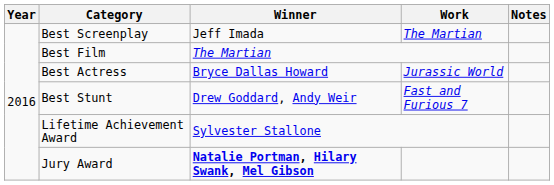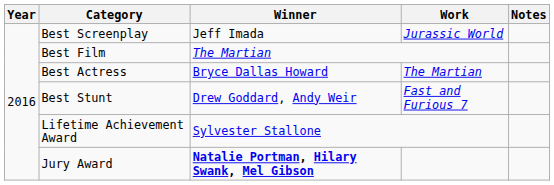 <table class="wikitable" style="width:600px">
 <tr>
 <th>Year</th>
 <th>Category</th>
 <th>Winner</th>
 <th>Work</th>
 <th>Notes</th>
 </tr>
 <tr>
 <td rowspan=6>2016</td>
 <td>Best Screenplay</td>
 <td>Jeff Imada</td>
-<td><em><a href='#'>The Martian</a></em></td>
+<td><em><a href='#'>Jurassic World</a></em></td>
 <td></td>
 </tr>
 <tr>
 <td>Best Film</td>
 <td colspan=2><em><a href='#'>The Martian</a></em></td>
 <td></td>
 </tr>
 <tr>
 <td>Best Actress</td>
 <td><a href='#'>Bryce Dallas Howard</a></td>
-<td><em><a href='#'>Jurassic World</a></em></td>
+<td><em><a href='#'>The Martian</a></em></td>
 <td></td>
 </tr>
 <tr>
 <td>Best Stunt</td>
 <td><a href='#'>Drew Goddard</a>, <a href='#'>Andy Weir</a></td>
 <td><em><a href='#'>Fast and Furious 7</a></em></td>
 <td></td>
 </tr>
 <tr>
 <td>Lifetime Achievement Award</td>
 <td colspan=2><a href='#'>Sylvester Stallone</a></td>
 <td></td>
 </tr>
 <tr>
 <td>Jury Award</td>
 <td><strong><a href='#'>Natalie Portman</a>, <a href='#'>Hilary Swank</a>, <a href='#'>Mel Gibson</a></strong></td>
 <td></td>
 <td></td>
 </tr>
 </table>
